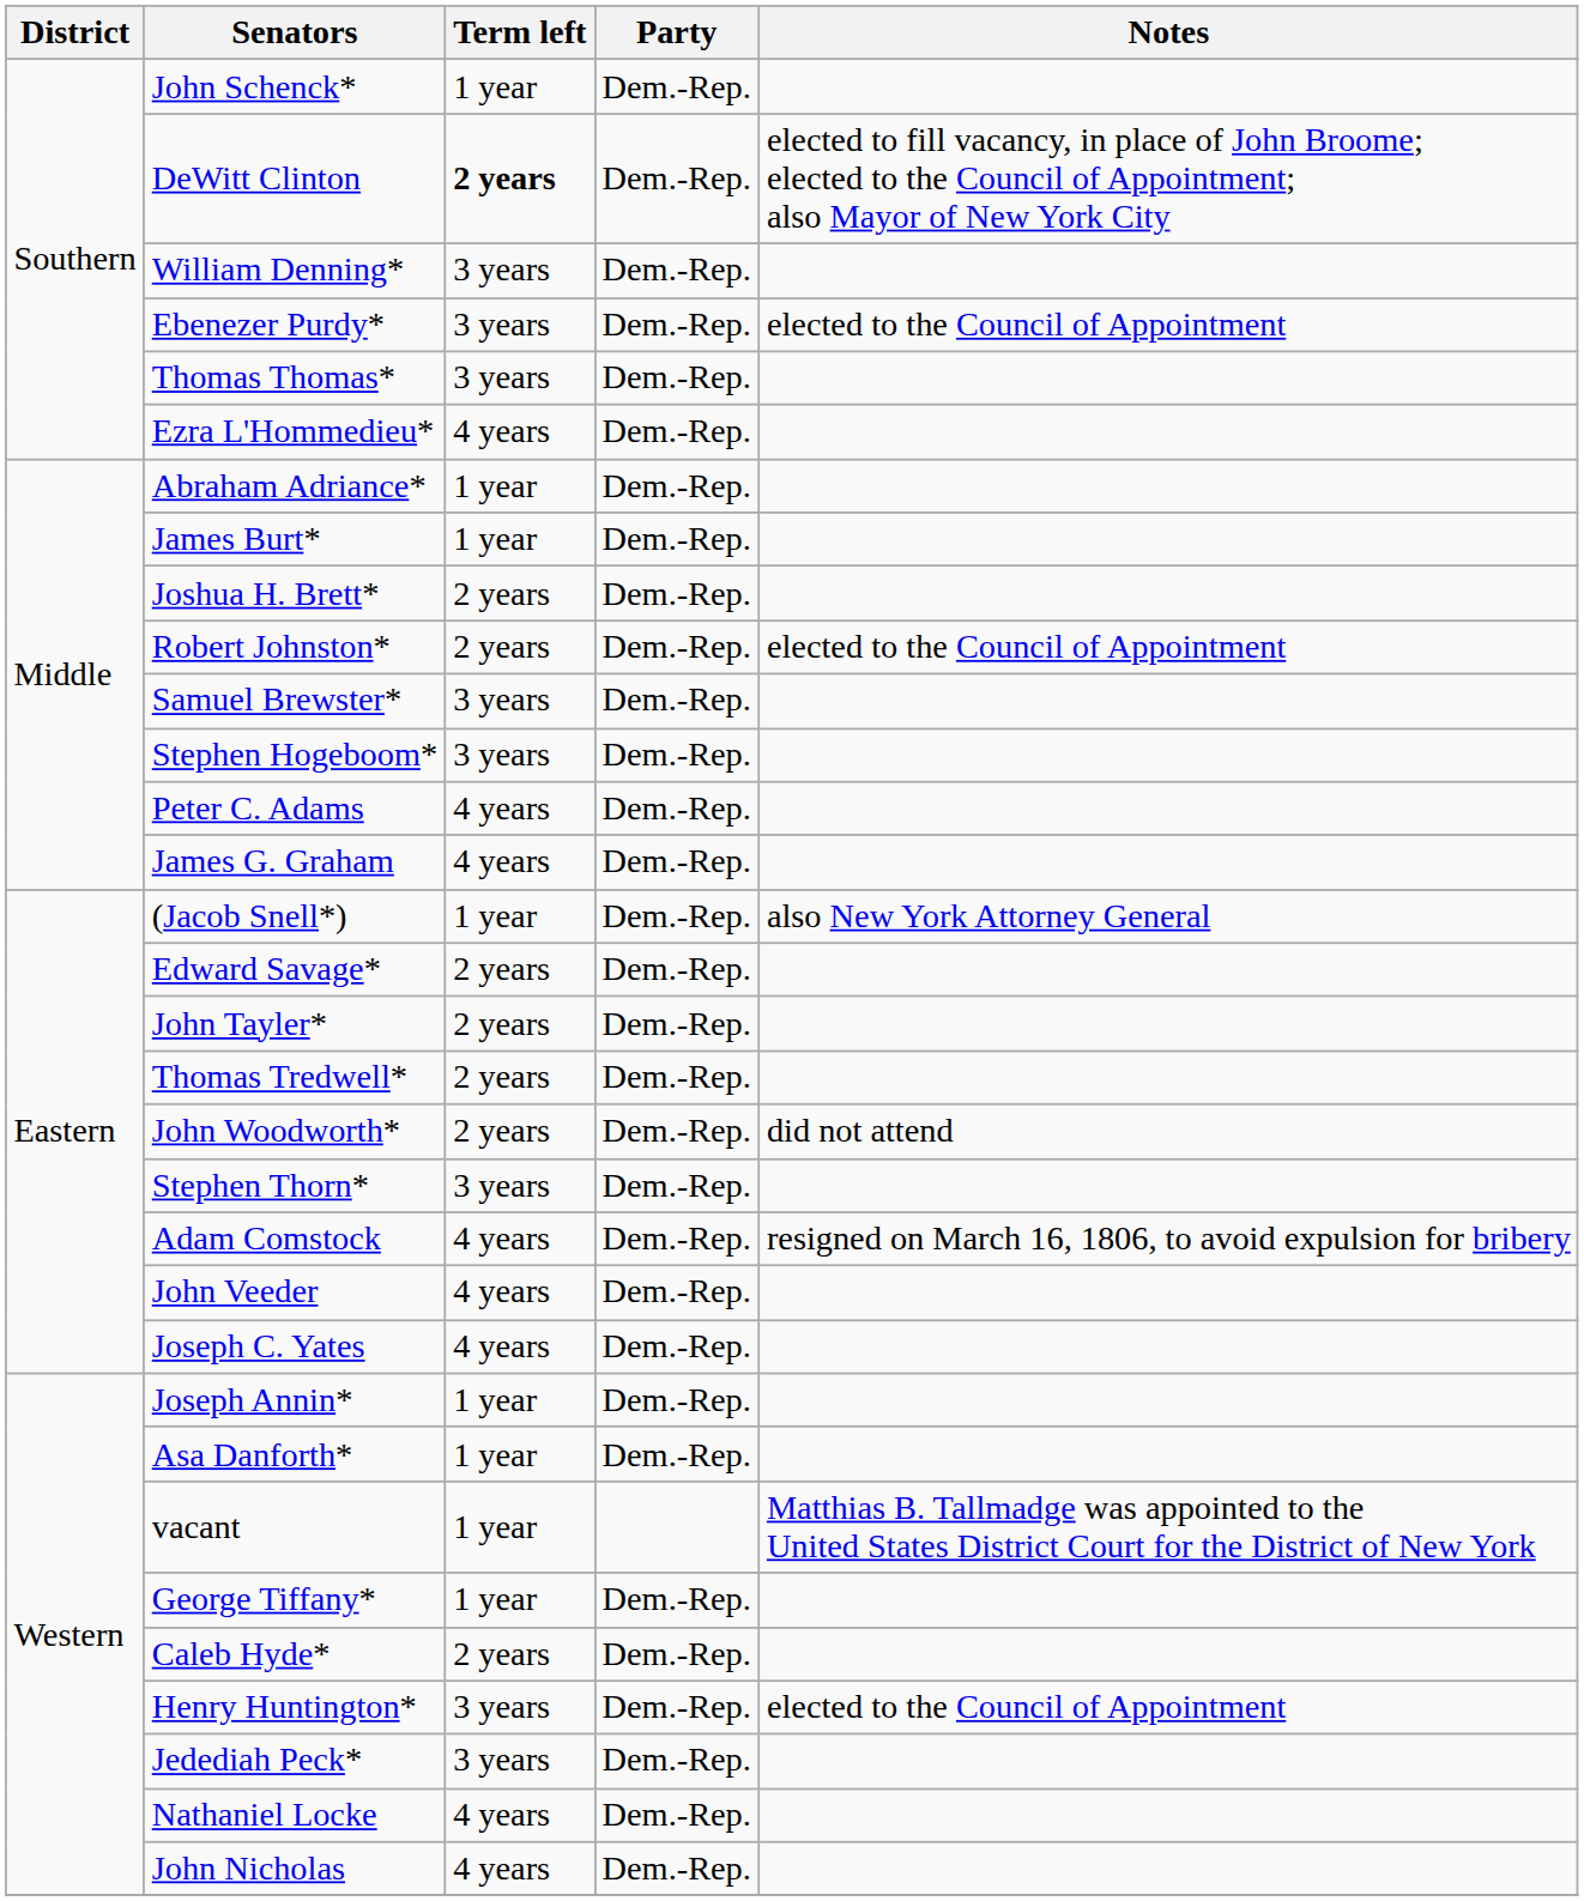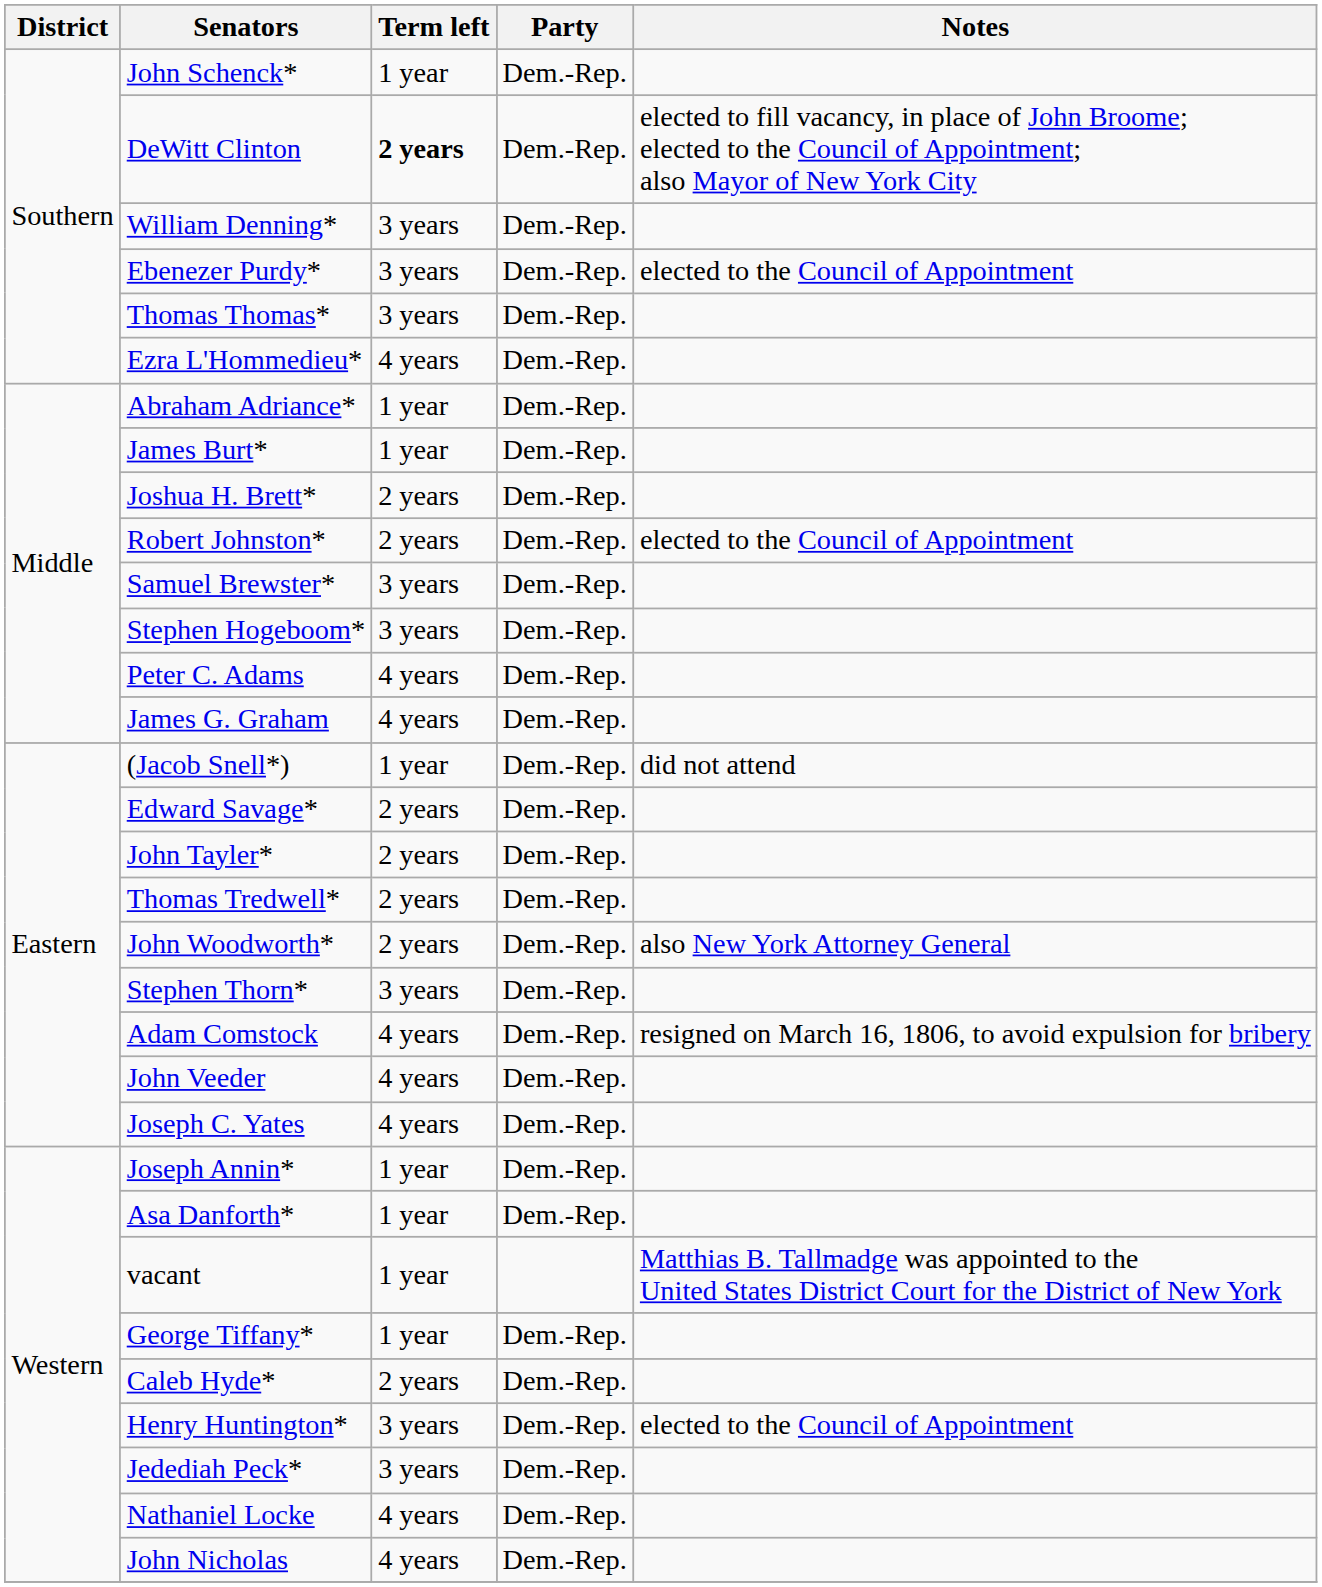 <table class=wikitable>
 <tr>
 <th>District</th>
 <th>Senators</th>
 <th>Term left</th>
 <th>Party</th>
 <th>Notes</th>
 </tr>
 <tr>
 <td rowspan="6">Southern</td>
 <td><a href='#'>John Schenck</a>*</td>
 <td>1 year</td>
 <td>Dem.-Rep.</td>
 <td></td>
 </tr>
 <tr>
 <td><a href='#'>DeWitt Clinton</a></td>
 <td><strong>2 years</strong></td>
 <td>Dem.-Rep.</td>
 <td>elected to fill vacancy, in place of <a href='#'>John Broome</a>; <br>elected to the <a href='#'>Council of Appointment</a>; <br>also <a href='#'>Mayor of New York City</a></td>
 </tr>
 <tr>
 <td><a href='#'>William Denning</a>*</td>
 <td>3 years</td>
 <td>Dem.-Rep.</td>
 <td></td>
 </tr>
 <tr>
 <td><a href='#'>Ebenezer Purdy</a>*</td>
 <td>3 years</td>
 <td>Dem.-Rep.</td>
 <td>elected to the <a href='#'>Council of Appointment</a></td>
 </tr>
 <tr>
 <td><a href='#'>Thomas Thomas</a>*</td>
 <td>3 years</td>
 <td>Dem.-Rep.</td>
 <td></td>
 </tr>
 <tr>
 <td><a href='#'>Ezra L'Hommedieu</a>*</td>
 <td>4 years</td>
 <td>Dem.-Rep.</td>
 <td></td>
 </tr>
 <tr>
 <td rowspan="8">Middle</td>
 <td><a href='#'>Abraham Adriance</a>*</td>
 <td>1 year</td>
 <td>Dem.-Rep.</td>
 <td></td>
 </tr>
 <tr>
 <td><a href='#'>James Burt</a>*</td>
 <td>1 year</td>
 <td>Dem.-Rep.</td>
 <td></td>
 </tr>
 <tr>
 <td><a href='#'>Joshua H. Brett</a>*</td>
 <td>2 years</td>
 <td>Dem.-Rep.</td>
 <td></td>
 </tr>
 <tr>
 <td><a href='#'>Robert Johnston</a>*</td>
 <td>2 years</td>
 <td>Dem.-Rep.</td>
 <td>elected to the <a href='#'>Council of Appointment</a></td>
 </tr>
 <tr>
 <td><a href='#'>Samuel Brewster</a>*</td>
 <td>3 years</td>
 <td>Dem.-Rep.</td>
 <td></td>
 </tr>
 <tr>
 <td><a href='#'>Stephen Hogeboom</a>*</td>
 <td>3 years</td>
 <td>Dem.-Rep.</td>
 <td></td>
 </tr>
 <tr>
 <td><a href='#'>Peter C. Adams</a></td>
 <td>4 years</td>
 <td>Dem.-Rep.</td>
 <td></td>
 </tr>
 <tr>
 <td><a href='#'>James G. Graham</a></td>
 <td>4 years</td>
 <td>Dem.-Rep.</td>
 <td></td>
 </tr>
 <tr>
 <td rowspan="9">Eastern</td>
 <td>(<a href='#'>Jacob Snell</a>*)</td>
 <td>1 year</td>
 <td>Dem.-Rep.</td>
-<td>also <a href='#'>New York Attorney General</a></td>
+<td>did not attend</td>
 </tr>
 <tr>
 <td><a href='#'>Edward Savage</a>*</td>
 <td>2 years</td>
 <td>Dem.-Rep.</td>
 <td></td>
 </tr>
 <tr>
 <td><a href='#'>John Tayler</a>*</td>
 <td>2 years</td>
 <td>Dem.-Rep.</td>
 <td></td>
 </tr>
 <tr>
 <td><a href='#'>Thomas Tredwell</a>*</td>
 <td>2 years</td>
 <td>Dem.-Rep.</td>
 <td></td>
 </tr>
 <tr>
 <td><a href='#'>John Woodworth</a>*</td>
 <td>2 years</td>
 <td>Dem.-Rep.</td>
-<td>did not attend</td>
+<td>also <a href='#'>New York Attorney General</a></td>
 </tr>
 <tr>
 <td><a href='#'>Stephen Thorn</a>*</td>
 <td>3 years</td>
 <td>Dem.-Rep.</td>
 <td></td>
 </tr>
 <tr>
 <td><a href='#'>Adam Comstock</a></td>
 <td>4 years</td>
 <td>Dem.-Rep.</td>
 <td>resigned on March 16, 1806, to avoid expulsion for <a href='#'>bribery</a></td>
 </tr>
 <tr>
 <td><a href='#'>John Veeder</a></td>
 <td>4 years</td>
 <td>Dem.-Rep.</td>
 <td></td>
 </tr>
 <tr>
 <td><a href='#'>Joseph C. Yates</a></td>
 <td>4 years</td>
 <td>Dem.-Rep.</td>
 <td></td>
 </tr>
 <tr>
 <td rowspan="9">Western</td>
 <td><a href='#'>Joseph Annin</a>*</td>
 <td>1 year</td>
 <td>Dem.-Rep.</td>
 <td></td>
 </tr>
 <tr>
 <td><a href='#'>Asa Danforth</a>*</td>
 <td>1 year</td>
 <td>Dem.-Rep.</td>
 <td></td>
 </tr>
 <tr>
 <td>vacant</td>
 <td>1 year</td>
 <td></td>
 <td><a href='#'>Matthias B. Tallmadge</a> was appointed to the <br><a href='#'>United States District Court for the District of New York</a></td>
 </tr>
 <tr>
 <td><a href='#'>George Tiffany</a>*</td>
 <td>1 year</td>
 <td>Dem.-Rep.</td>
 <td></td>
 </tr>
 <tr>
 <td><a href='#'>Caleb Hyde</a>*</td>
 <td>2 years</td>
 <td>Dem.-Rep.</td>
 <td></td>
 </tr>
 <tr>
 <td><a href='#'>Henry Huntington</a>*</td>
 <td>3 years</td>
 <td>Dem.-Rep.</td>
 <td>elected to the <a href='#'>Council of Appointment</a></td>
 </tr>
 <tr>
 <td><a href='#'>Jedediah Peck</a>*</td>
 <td>3 years</td>
 <td>Dem.-Rep.</td>
 <td></td>
 </tr>
 <tr>
 <td><a href='#'>Nathaniel Locke</a></td>
 <td>4 years</td>
 <td>Dem.-Rep.</td>
 <td></td>
 </tr>
 <tr>
 <td><a href='#'>John Nicholas</a></td>
 <td>4 years</td>
 <td>Dem.-Rep.</td>
 <td></td>
 </tr>
 <tr>
 </tr>
 </table>
